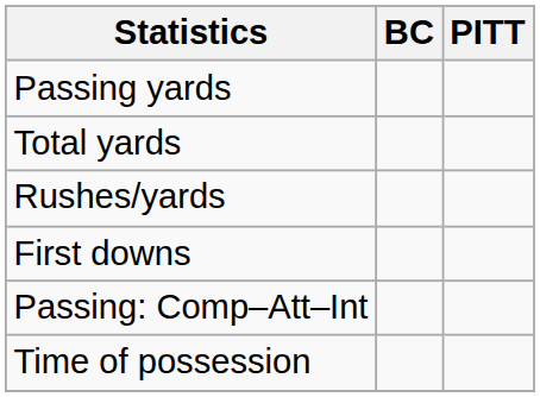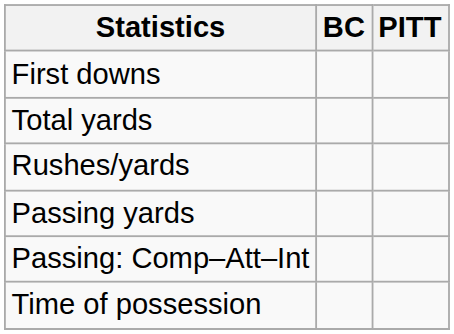 <table class="wikitable" style="float: left;">
 <tr>
 <th>Statistics</th>
 <th>BC</th>
 <th>PITT</th>
 </tr>
 <tr>
-<td>Passing yards</td>
+<td>First downs</td>
 <td></td>
 <td></td>
 </tr>
 <tr>
 <td>Total yards</td>
 <td></td>
 <td></td>
 </tr>
 <tr>
 <td>Rushes/yards</td>
 <td></td>
 <td></td>
 </tr>
 <tr>
-<td>First downs</td>
+<td>Passing yards</td>
 <td></td>
 <td></td>
 </tr>
 <tr>
 <td>Passing: Comp–Att–Int</td>
 <td></td>
 <td></td>
 </tr>
 <tr>
 <td>Time of possession</td>
 <td></td>
 <td></td>
 </tr>
 <tr>
 </tr>
 </table>
